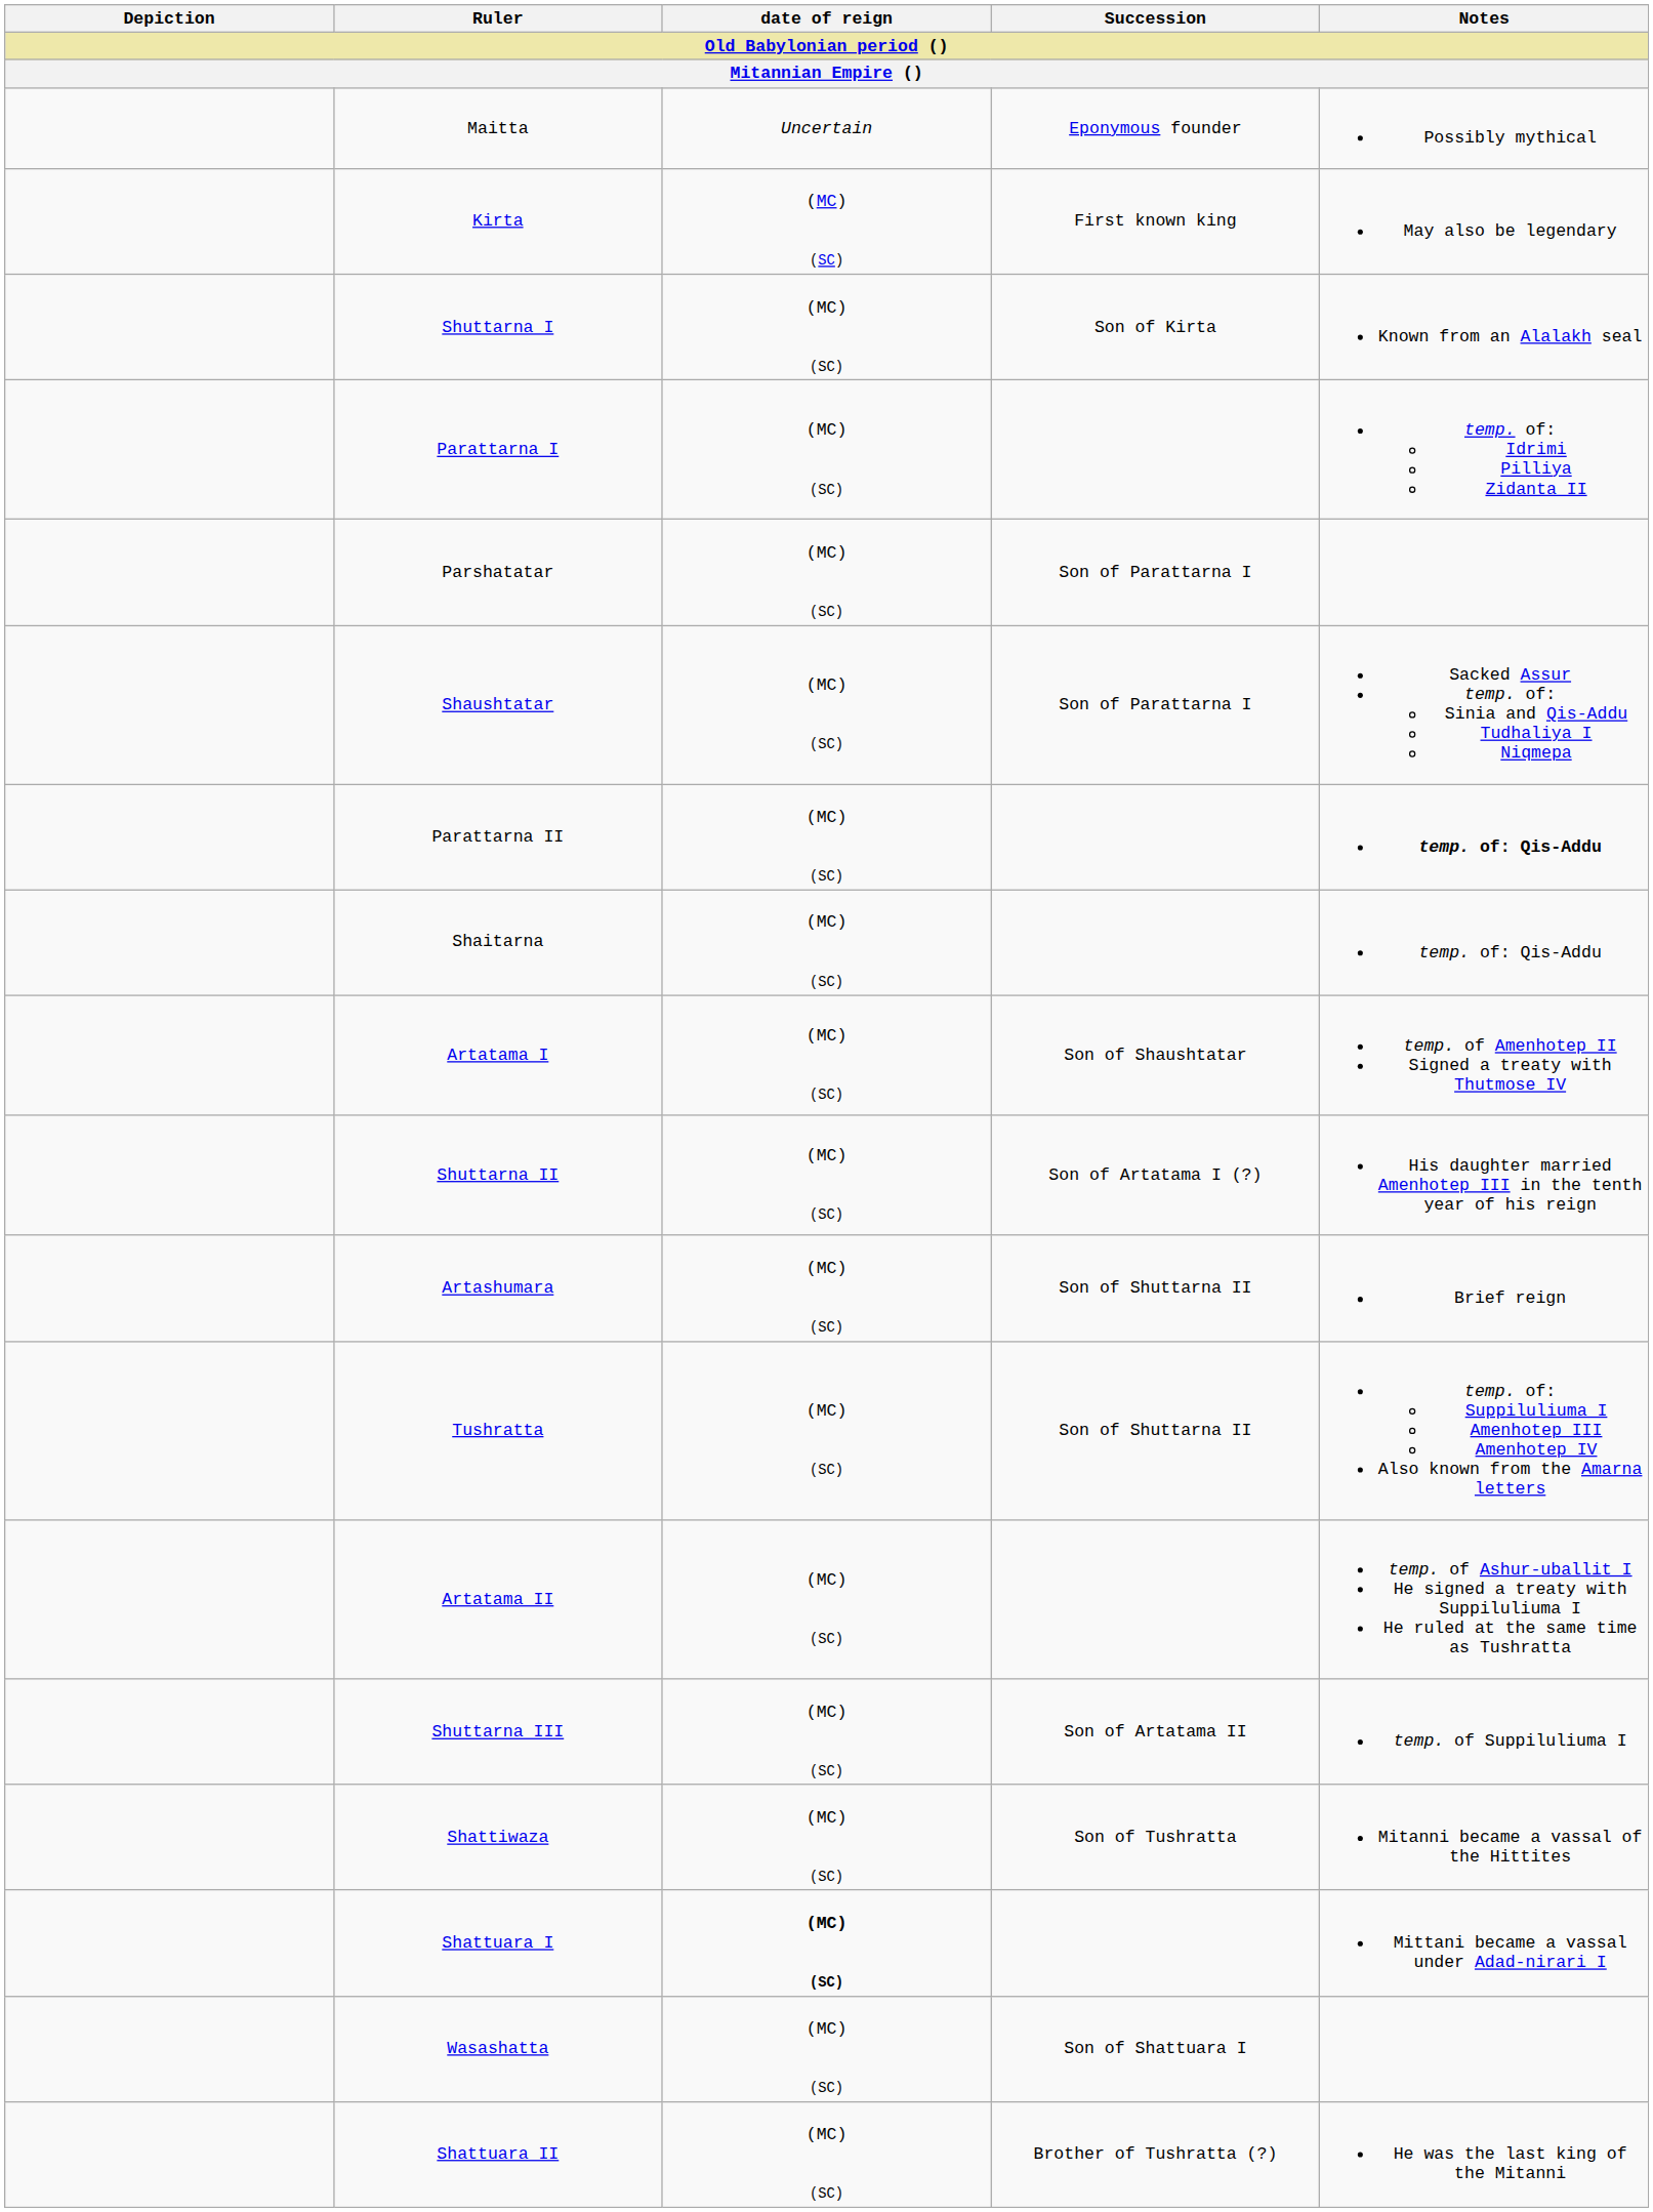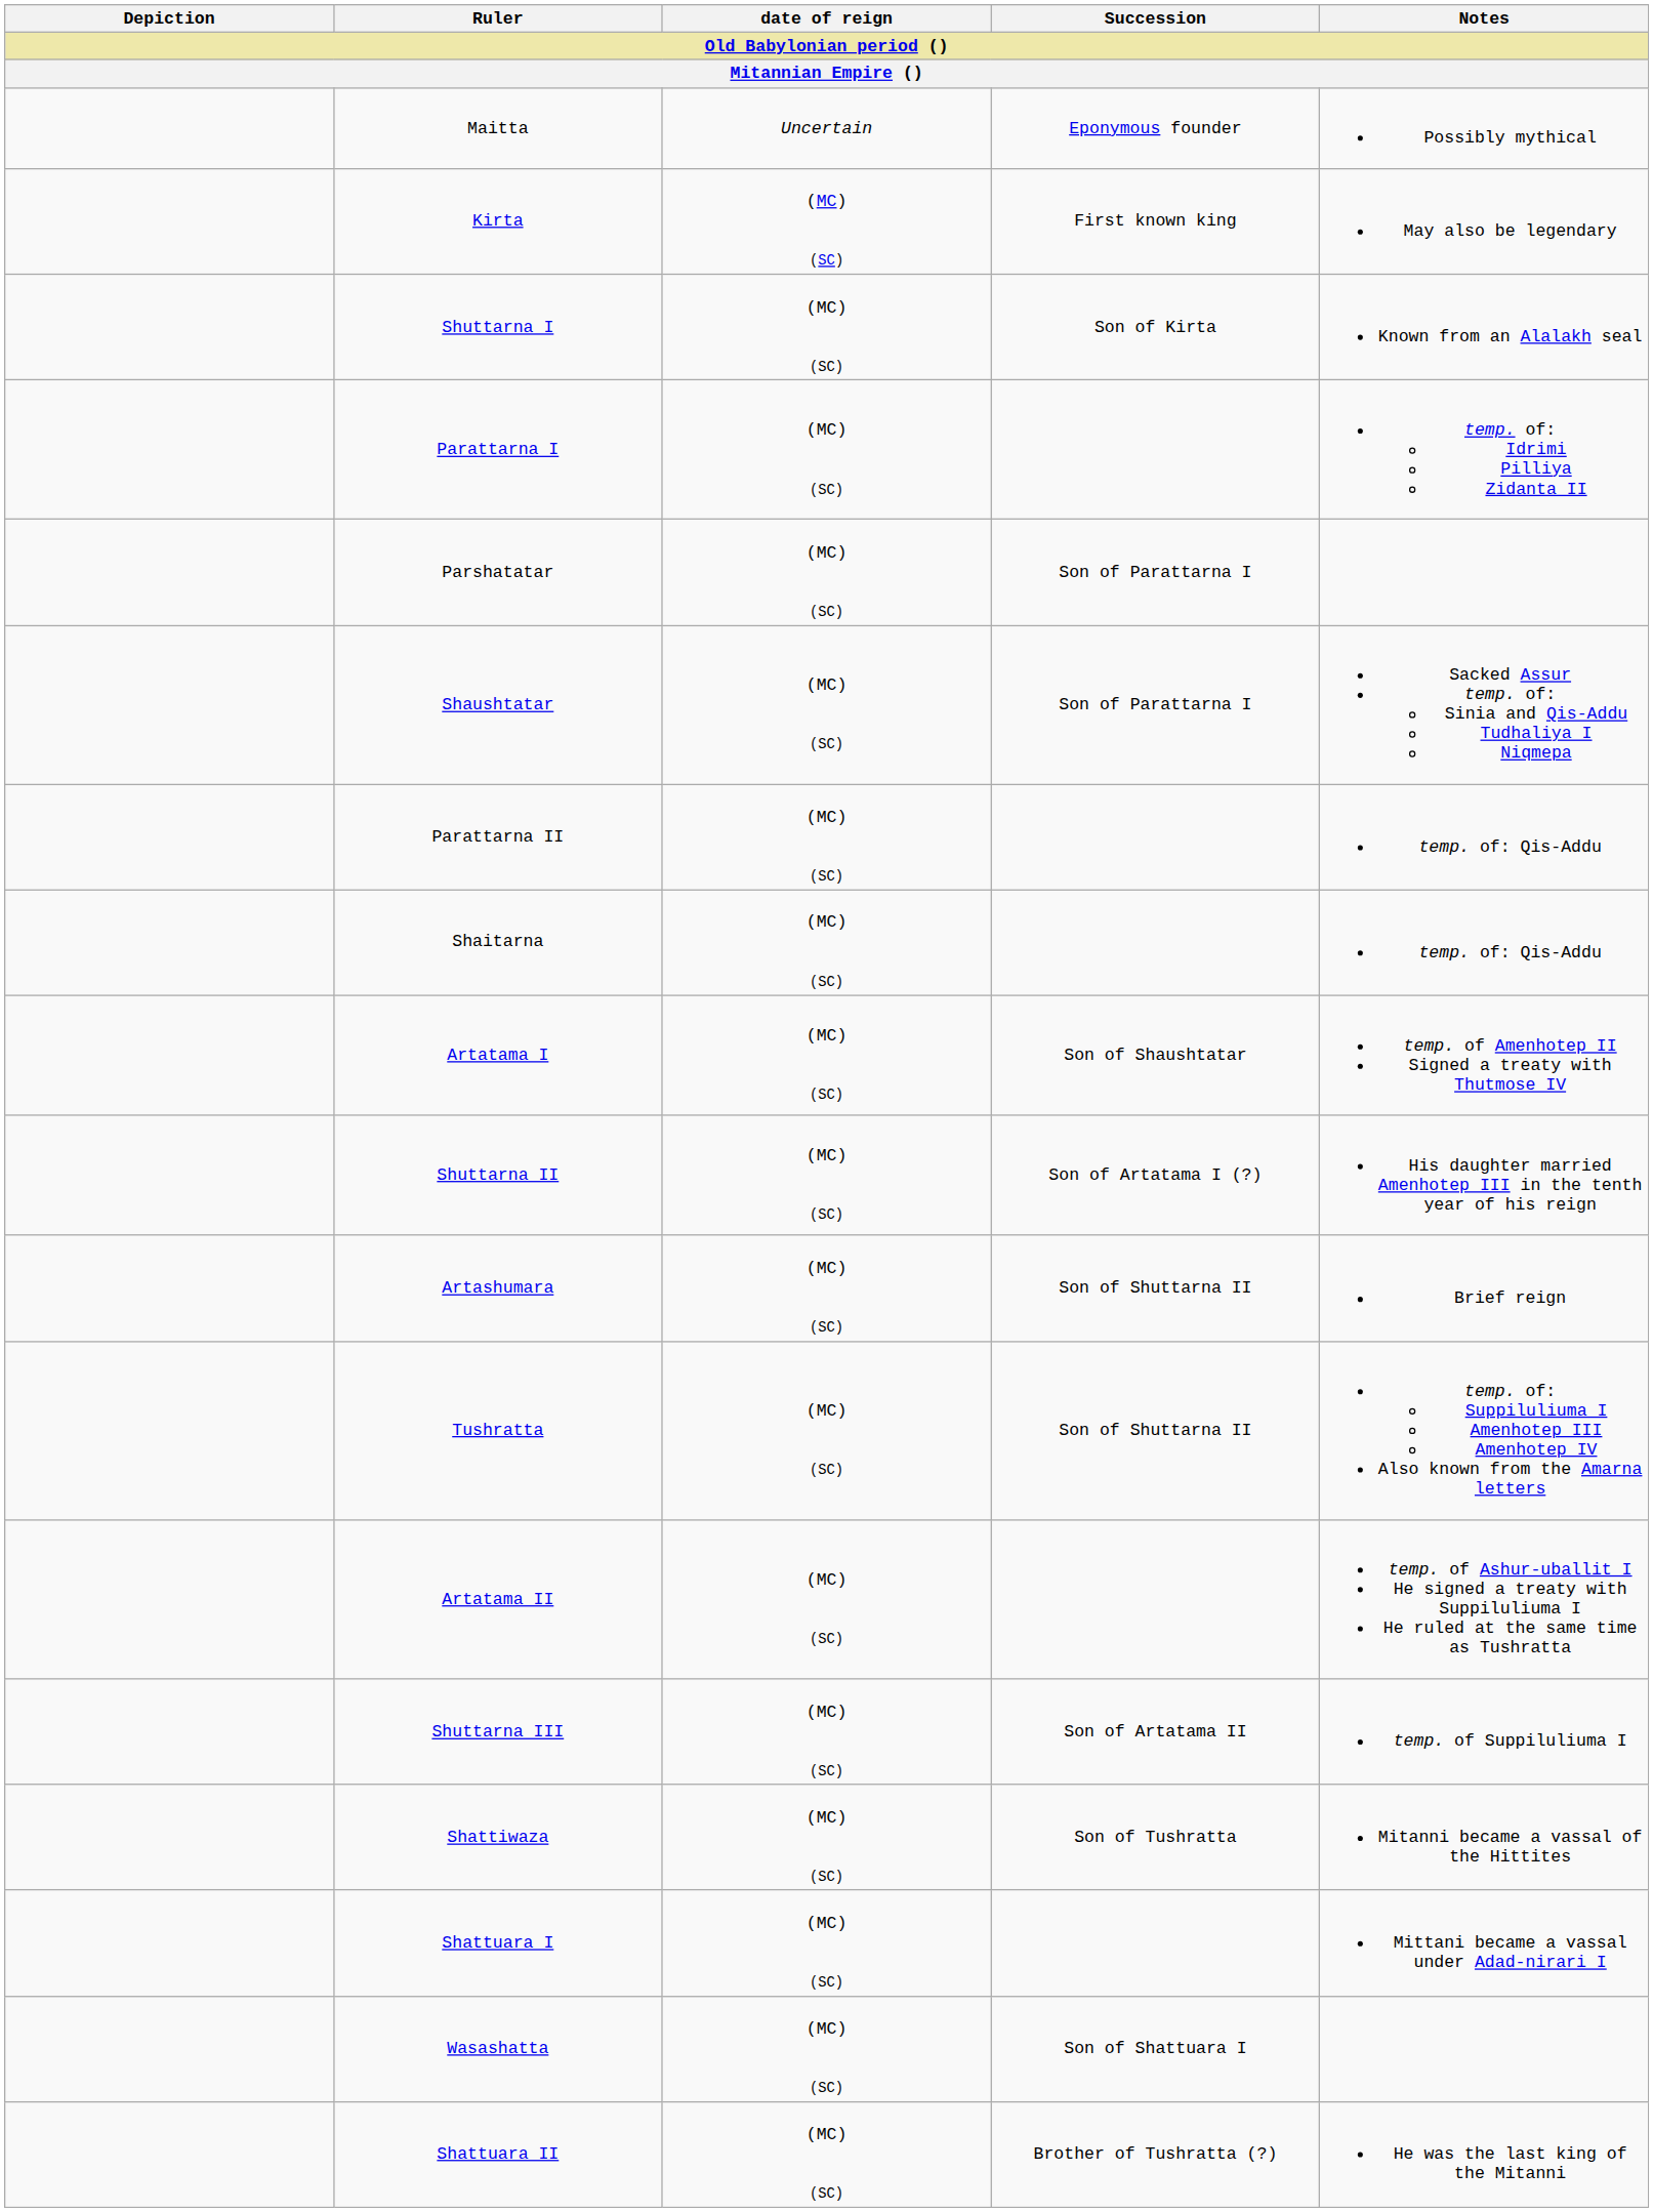 <table class="wikitable"border="1"style="width:100%;text-align:center">
 <tr>
 <th width="20%">Depiction</th>
 <th width="20%">Ruler</th>
 <th width="20%"> date of reign</th>
 <th width="20%">Succession</th>
 <th width="20%">Notes</th>
 </tr>
 <tr>
 <td colspan="6"align="center"style="background-color:palegoldenrod"><strong><a href='#'>Old Babylonian period</a> ()</strong></td>
 </tr>
 <tr>
 <th colspan="6"><a href='#'>Mitannian Empire</a> ()</th>
 </tr>
 <tr>
 <td></td>
 <td>Maitta</td>
 <td><em>Uncertain</em></td>
 <td><a href='#'>Eponymous</a> founder</td>
 <td><br><ul><li>Possibly mythical</li></ul></td>
 </tr>
 <tr>
 <td></td>
 <td><a href='#'>Kirta</a></td>
 <td><br>(<a href='#'>MC</a>)<br><br><small><br>(<a href='#'>SC</a>)</small></td>
 <td>First known king</td>
 <td><br><ul><li>May also be legendary</li></ul></td>
 </tr>
 <tr>
 <td></td>
 <td><a href='#'>Shuttarna I</a></td>
 <td><br>(MC)<br><br><small><br>(SC)</small></td>
 <td>Son of Kirta</td>
 <td><br><ul><li>Known from an <a href='#'>Alalakh</a> seal</li></ul></td>
 </tr>
 <tr>
 <td></td>
 <td><a href='#'>Parattarna I</a></td>
 <td><br>(MC)<br><br><small><br>(SC)</small></td>
 <td></td>
 <td><br><ul><li><em><a href='#'>temp.</a></em> of:<ul><li><a href='#'>Idrimi</a></li><li><a href='#'>Pilliya</a></li><li><a href='#'>Zidanta II</a></li></ul></li></ul></td>
 </tr>
 <tr>
 <td></td>
 <td>Parshatatar</td>
 <td><br>(MC)<br><br><small><br>(SC)</small></td>
 <td>Son of Parattarna I</td>
 <td></td>
 </tr>
 <tr>
 <td></td>
 <td><a href='#'>Shaushtatar</a></td>
 <td><br>(MC)<br><br><small><br>(SC)</small></td>
 <td>Son of Parattarna I</td>
 <td><br><ul><li>Sacked <a href='#'>Assur</a></li><li><em>temp.</em> of:<ul><li>Sinia and <a href='#'>Qis-Addu</a></li><li><a href='#'>Tudhaliya I</a></li><li><a href='#'>Niqmepa</a></li></ul></li></ul></td>
 </tr>
 <tr>
 <td></td>
 <td>Parattarna II</td>
 <td><br>(MC)<br><br><small><br>(SC)</small></td>
 <td></td>
-<td><strong><br><ul><li><em>temp.</em> of: Qis-Addu</li></ul></strong></td>
+<td><br><ul><li><em>temp.</em> of: Qis-Addu</li></ul></td>
 </tr>
 <tr>
 <td></td>
 <td>Shaitarna</td>
 <td><br>(MC)<br><br><small><br>(SC)</small></td>
 <td></td>
 <td><br><ul><li><em>temp.</em> of: Qis-Addu</li></ul></td>
 </tr>
 <tr>
 <td></td>
 <td><a href='#'>Artatama I</a></td>
 <td><br>(MC)<br><br><small><br>(SC)</small></td>
 <td>Son of Shaushtatar</td>
 <td><br><ul><li><em>temp.</em> of <a href='#'>Amenhotep II</a></li><li>Signed a treaty with <a href='#'>Thutmose IV</a></li></ul></td>
 </tr>
 <tr>
 <td></td>
 <td><a href='#'>Shuttarna II</a></td>
 <td><br>(MC)<br><br><small><br>(SC)</small></td>
 <td>Son of Artatama I (?)</td>
 <td><br><ul><li>His daughter married <a href='#'>Amenhotep III</a> in the tenth year of his reign</li></ul></td>
 </tr>
 <tr>
 <td></td>
 <td><a href='#'>Artashumara</a></td>
 <td><br>(MC)<br><br><small><br>(SC)</small></td>
 <td>Son of Shuttarna II</td>
 <td><br><ul><li>Brief reign</li></ul></td>
 </tr>
 <tr>
 <td></td>
 <td><a href='#'>Tushratta</a></td>
 <td><br>(MC)<br><br><small><br>(SC)</small></td>
 <td>Son of Shuttarna II</td>
 <td><br><ul><li><em>temp.</em> of:<ul><li><a href='#'>Suppiluliuma I</a></li><li><a href='#'>Amenhotep III</a></li><li><a href='#'>Amenhotep IV</a></li></ul></li><li>Also known from the <a href='#'>Amarna letters</a></li></ul></td>
 </tr>
 <tr>
 <td></td>
 <td><a href='#'>Artatama II</a></td>
 <td><br>(MC)<br><br><small><br>(SC)</small></td>
 <td></td>
 <td><br><ul><li><em>temp.</em> of <a href='#'>Ashur-uballit I</a></li><li>He signed a treaty with Suppiluliuma I</li><li>He ruled at the same time as Tushratta</li></ul></td>
 </tr>
 <tr>
 <td></td>
 <td><a href='#'>Shuttarna III</a></td>
 <td><br>(MC)<br><br><small><br>(SC)</small></td>
 <td>Son of Artatama II</td>
 <td><br><ul><li><em>temp.</em> of Suppiluliuma I</li></ul></td>
 </tr>
 <tr>
 <td></td>
 <td><a href='#'>Shattiwaza</a></td>
 <td><br>(MC)<br><br><small><br>(SC)</small></td>
 <td>Son of Tushratta</td>
 <td><br><ul><li>Mitanni became a vassal of the Hittites</li></ul></td>
 </tr>
 <tr>
 <td></td>
 <td><a href='#'>Shattuara I</a></td>
-<td><strong><br>(MC)<br><br><small><br>(SC)</small></strong></td>
+<td><br>(MC)<br><br><small><br>(SC)</small></td>
 <td></td>
 <td><br><ul><li>Mittani became a vassal under <a href='#'>Adad-nirari I</a></li></ul></td>
 </tr>
 <tr>
 <td></td>
 <td><a href='#'>Wasashatta</a></td>
 <td><br>(MC)<br><br><small><br>(SC)</small></td>
 <td>Son of Shattuara I</td>
 <td></td>
 </tr>
 <tr>
 <td></td>
 <td><a href='#'>Shattuara II</a></td>
 <td><br>(MC)<br><br><small><br>(SC)</small></td>
 <td>Brother of Tushratta (?)</td>
 <td><br><ul><li>He was the last king of the Mitanni</li></ul></td>
 </tr>
 </table>
